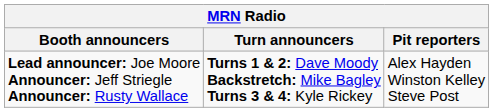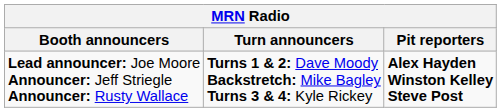 <table class="wikitable" style="font-size: 95%">
 <tr>
 <th colspan="3"><a href='#'>MRN</a> Radio</th>
 </tr>
 <tr>
 <th>Booth announcers</th>
 <th>Turn announcers</th>
 <th>Pit reporters</th>
 </tr>
 <tr>
 <td><strong>Lead announcer:</strong> Joe Moore<br><strong>Announcer:</strong> Jeff Striegle<br><strong>Announcer:</strong> <a href='#'>Rusty Wallace</a></td>
 <td><strong>Turns 1 & 2:</strong> <a href='#'>Dave Moody</a><br><strong>Backstretch:</strong> <a href='#'>Mike Bagley</a><br><strong>Turns 3 & 4:</strong> Kyle Rickey</td>
-<td>Alex Hayden<br>Winston Kelley<br>Steve Post</td>
+<td><strong>Alex Hayden<br>Winston Kelley<br>Steve Post</strong></td>
 </tr>
 </table>
